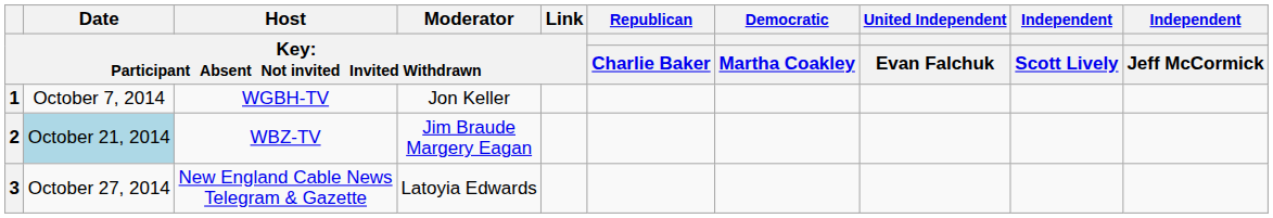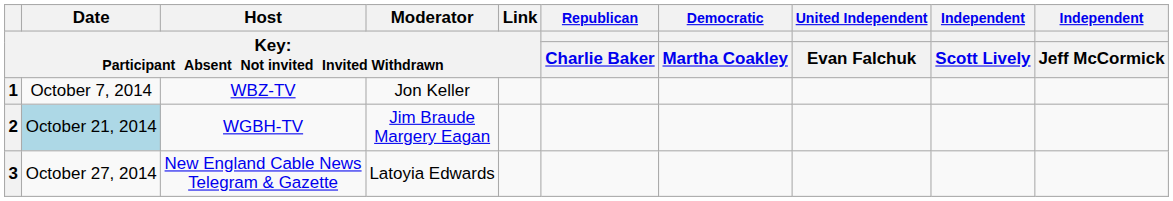 <table class="wikitable" style="text-align:center;">
 <tr>
 <th scope="col"></th>
 <th scope="col">Date</th>
 <th scope="col">Host</th>
 <th scope="col">Moderator</th>
 <th scope="col">Link</th>
 <th scope="col"><small><a href='#'>Republican</a></small></th>
 <th scope="col"><small><a href='#'>Democratic</a></small></th>
 <th scope="col"><small><a href='#'>United Independent</a></small></th>
 <th scope="col"><small><a href='#'>Independent</a></small></th>
 <th scope="col"><small><a href='#'>Independent</a></small></th>
 </tr>
 <tr>
 <th colspan="5" rowspan="2">Key:<br> <small>Participant </small>  <small>Absent </small>  <small>Not invited </small>  <small>Invited  Withdrawn</small></th>
 <th scope="col" style="background:"></th>
 <th scope="col" style="background:"></th>
 <th scope="col" style="background:"></th>
 <th scope="col" style="background:"></th>
 <th scope="col" style="background:"></th>
 </tr>
 <tr>
 <th scope="col"><a href='#'>Charlie Baker</a></th>
 <th scope="col"><a href='#'>Martha Coakley</a></th>
 <th scope="col">Evan Falchuk</th>
 <th scope="col"><a href='#'>Scott Lively</a></th>
 <th scope="col">Jeff McCormick</th>
 </tr>
 <tr>
 <th>1</th>
 <td style="white-space:nowrap;">October 7, 2014</td>
-<td style="white-space:nowrap;"><a href='#'>WGBH-TV</a></td>
+<td style="white-space:nowrap;"><a href='#'>WBZ-TV</a></td>
 <td style="white-space:nowrap;">Jon Keller</td>
 <td style="white-space:nowrap;"></td>
 <td></td>
 <td></td>
 <td></td>
 <td></td>
 <td></td>
 </tr>
 <tr>
 <th>2</th>
 <td style="background: lightblue; white-space:nowrap;">October 21, 2014</td>
-<td style="white-space:nowrap;"><a href='#'>WBZ-TV</a></td>
+<td style="white-space:nowrap;"><a href='#'>WGBH-TV</a></td>
 <td style="white-space:nowrap;"><a href='#'>Jim Braude</a><br><a href='#'>Margery Eagan</a></td>
 <td style="white-space:nowrap;"></td>
 <td></td>
 <td></td>
 <td></td>
 <td></td>
 <td></td>
 </tr>
 <tr>
 <th>3</th>
 <td style="white-space:nowrap;">October 27, 2014</td>
 <td style="white-space:nowrap;"><a href='#'>New England Cable News</a><br><a href='#'>Telegram & Gazette</a></td>
 <td style="white-space:nowrap;">Latoyia Edwards</td>
 <td style="white-space:nowrap;"></td>
 <td></td>
 <td></td>
 <td></td>
 <td></td>
 <td></td>
 </tr>
 </table>
